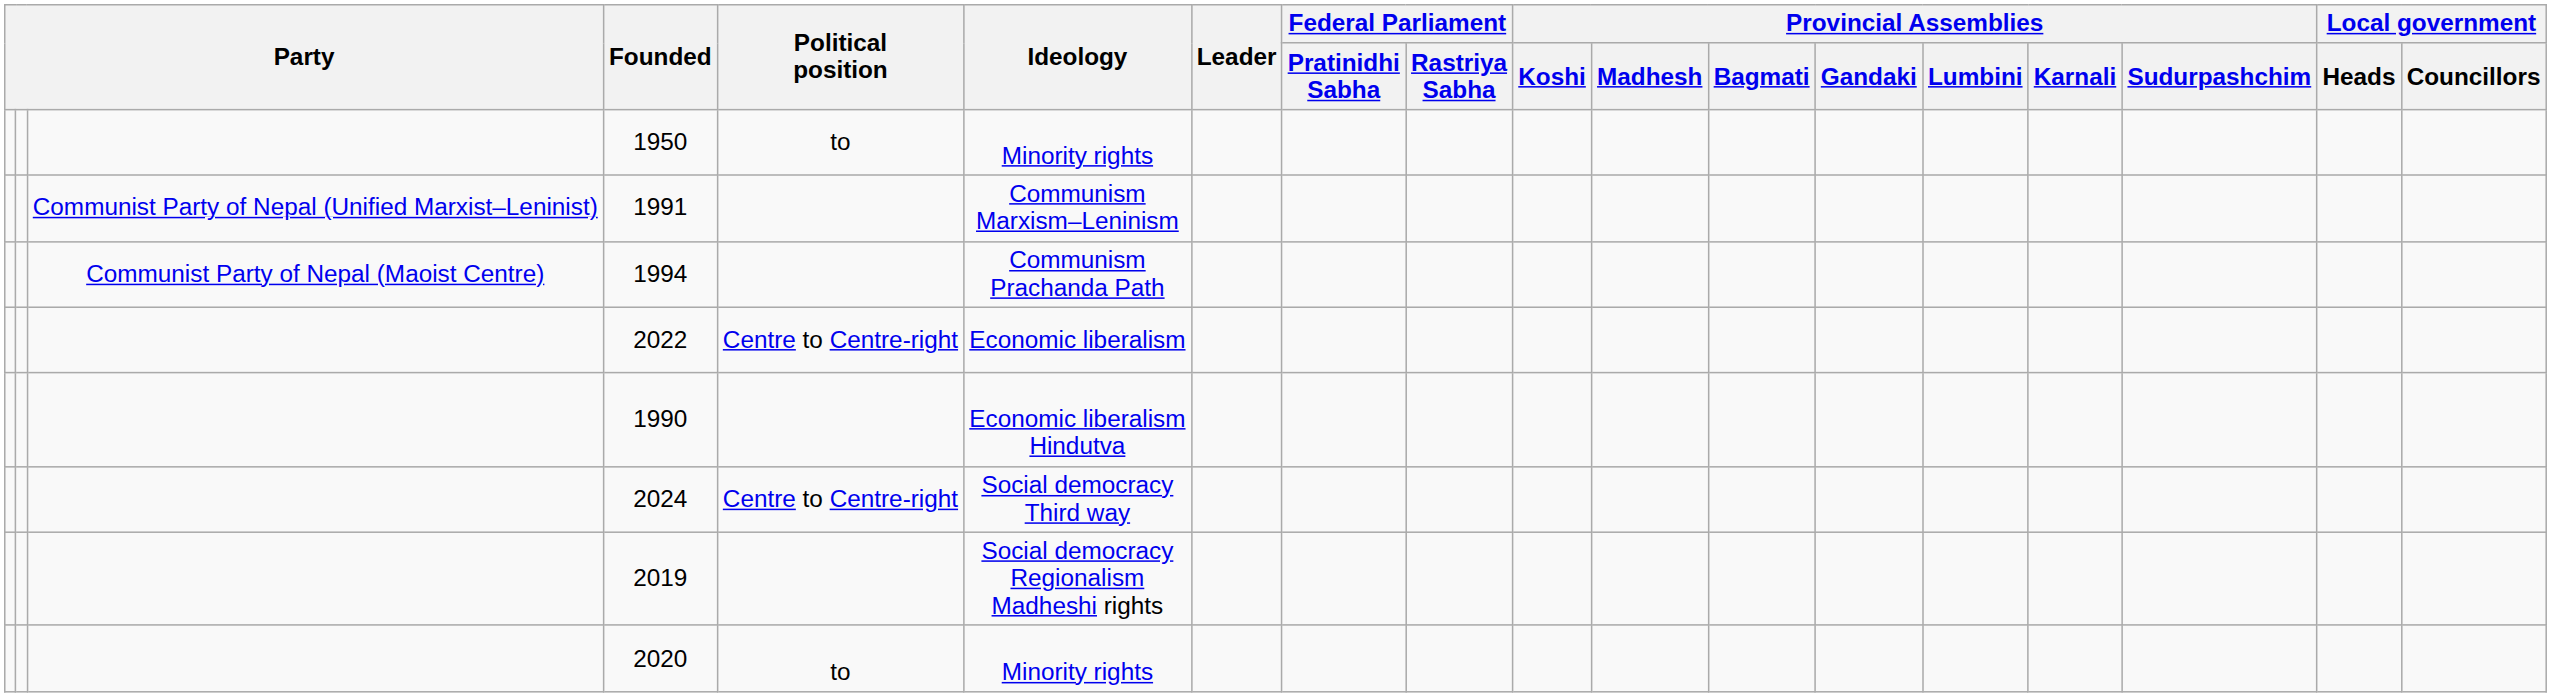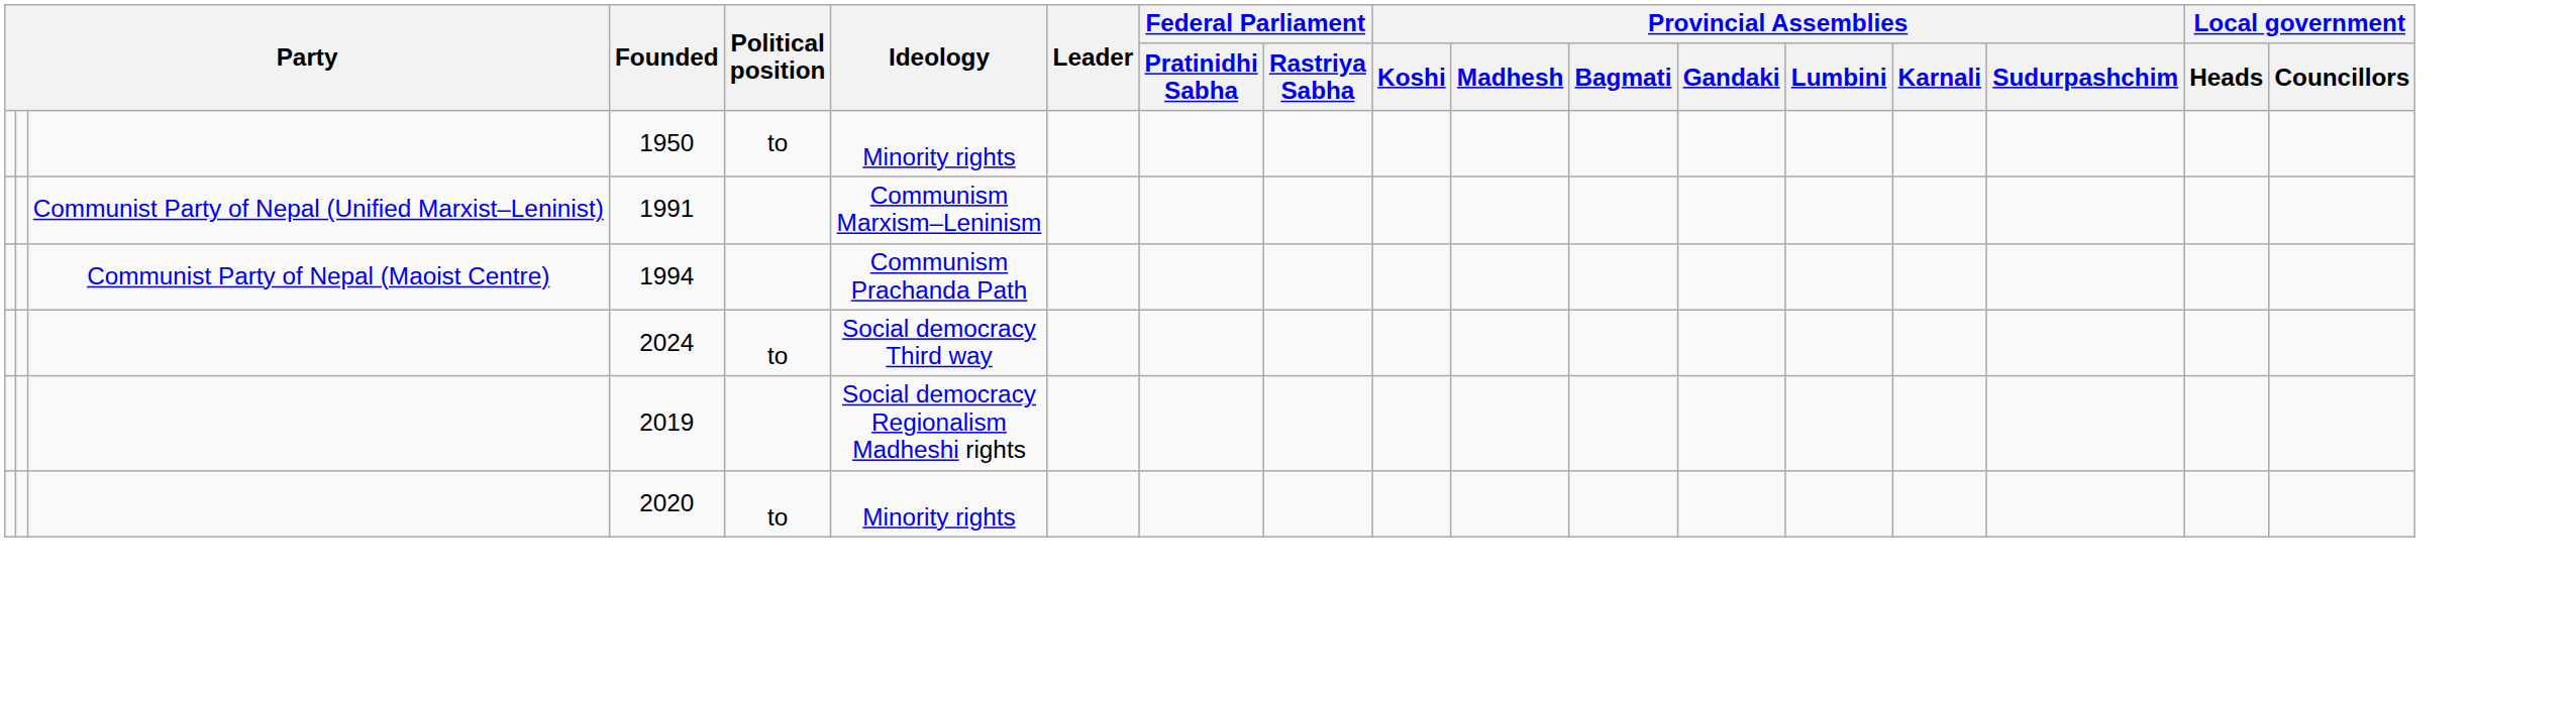 <table class="wikitable sortable unsortable" style="text-align: center;">
 <tr>
 <th colspan="3" rowspan="2" scope="col" class="unsortable" style="width:20px;">Party</th>
 <th rowspan="2">Founded</th>
 <th rowspan="2" scope="col" class="unsortable">Political<br>position</th>
 <th rowspan="2" scope="col" class="unsortable">Ideology</th>
 <th rowspan="2" class="unsortable">Leader</th>
 <th colspan="2"><a href='#'>Federal Parliament</a></th>
 <th colspan="7"><a href='#'>Provincial Assemblies</a></th>
 <th colspan="2"><a href='#'>Local government</a></th>
 </tr>
 <tr>
 <th data-sort-type="number"><a href='#'>Pratinidhi<br>Sabha</a></th>
 <th data-sort-type="number"><a href='#'>Rastriya<br>Sabha</a></th>
 <th data-sort-type="number"><a href='#'>Koshi</a></th>
 <th data-sort-type="number"><a href='#'>Madhesh</a></th>
 <th data-sort-type="number"><a href='#'>Bagmati</a></th>
 <th data-sort-type="number"><a href='#'>Gandaki</a></th>
 <th data-sort-type="number"><a href='#'>Lumbini</a></th>
 <th data-sort-type="number"><a href='#'>Karnali</a></th>
 <th data-sort-type="number"><a href='#'>Sudur­pashchim</a></th>
 <th data-sort-type="number">Heads</th>
 <th data-sort-type="number">Councillors</th>
 </tr>
 <tr>
 <td></td>
 <td></td>
 <td><br></td>
 <td>1950</td>
 <td> to </td>
 <td><br><a href='#'>Minority rights</a></td>
 <td></td>
 <td></td>
 <td></td>
 <td></td>
 <td></td>
 <td></td>
 <td></td>
 <td></td>
 <td></td>
 <td></td>
 <td></td>
 <td></td>
 </tr>
 <tr>
 <td></td>
 <td></td>
 <td><a href='#'>Communist Party of Nepal (Unified Marxist–Leninist)</a><br></td>
 <td>1991</td>
 <td></td>
 <td><a href='#'>Communism</a><br><a href='#'>Marxism–Leninism</a><br></td>
 <td></td>
 <td></td>
 <td></td>
 <td></td>
 <td></td>
 <td></td>
 <td></td>
 <td></td>
 <td></td>
 <td></td>
 <td></td>
 <td></td>
 </tr>
 <tr>
 <td bgcolor=></td>
 <td></td>
 <td><a href='#'>Communist Party of Nepal (Maoist Centre)</a><br></td>
 <td>1994</td>
 <td></td>
 <td><a href='#'>Communism</a><br><a href='#'>Prachanda Path</a></td>
 <td></td>
 <td></td>
 <td></td>
 <td></td>
 <td></td>
 <td></td>
 <td></td>
 <td></td>
 <td></td>
 <td></td>
 <td></td>
 <td></td>
 </tr>
 <tr>
 <td bgcolor=></td>
 <td></td>
-<td><br><br></td>
-<td>2022</td>
-<td><a href='#'>Centre</a> to <a href='#'>Centre-right</a></td>
-<td><a href='#'>Economic liberalism</a></td>
-<td></td>
-<td></td>
-<td></td>
-<td></td>
-<td></td>
-<td></td>
-<td></td>
-<td></td>
-<td></td>
-<td></td>
-<td></td>
-<td></td>
-</tr>
-<tr>
-<td bgcolor=></td>
-<td></td>
-<td><br><br></td>
-<td>1990</td>
-<td> </td>
-<td><br><a href='#'>Economic liberalism</a><br><a href='#'>Hindutva</a></td>
-<td></td>
-<td></td>
-<td></td>
-<td></td>
-<td></td>
-<td></td>
-<td></td>
-<td></td>
-<td></td>
-<td></td>
-<td></td>
-<td></td>
-</tr>
-<tr>
-<td bgcolor=></td>
-<td></td>
 <td><br></td>
 <td>2024</td>
-<td><a href='#'>Centre</a> to <a href='#'>Centre-right</a></td>
+<td><br>to </td>
 <td><a href='#'>Social democracy</a><br><a href='#'>Third way</a></td>
 <td></td>
 <td></td>
 <td></td>
 <td></td>
 <td></td>
 <td></td>
 <td></td>
 <td></td>
 <td></td>
 <td></td>
 <td></td>
 <td></td>
 </tr>
 <tr>
 <td bgcolor=></td>
 <td></td>
 <td><br><br></td>
 <td>2019</td>
 <td></td>
 <td><a href='#'>Social democracy</a><br><a href='#'>Regionalism</a><br><a href='#'>Madheshi</a> rights</td>
 <td></td>
 <td></td>
 <td></td>
 <td></td>
 <td></td>
 <td></td>
 <td></td>
 <td></td>
 <td></td>
 <td></td>
 <td></td>
 <td></td>
 </tr>
 <tr>
 <td bgcolor=></td>
 <td></td>
 <td><br></td>
 <td>2020</td>
 <td><br>to </td>
 <td><br><a href='#'>Minority rights</a></td>
 <td></td>
 <td></td>
 <td></td>
 <td></td>
 <td></td>
 <td></td>
 <td></td>
 <td></td>
 <td></td>
 <td></td>
 <td></td>
 <td></td>
 </tr>
 </table>
